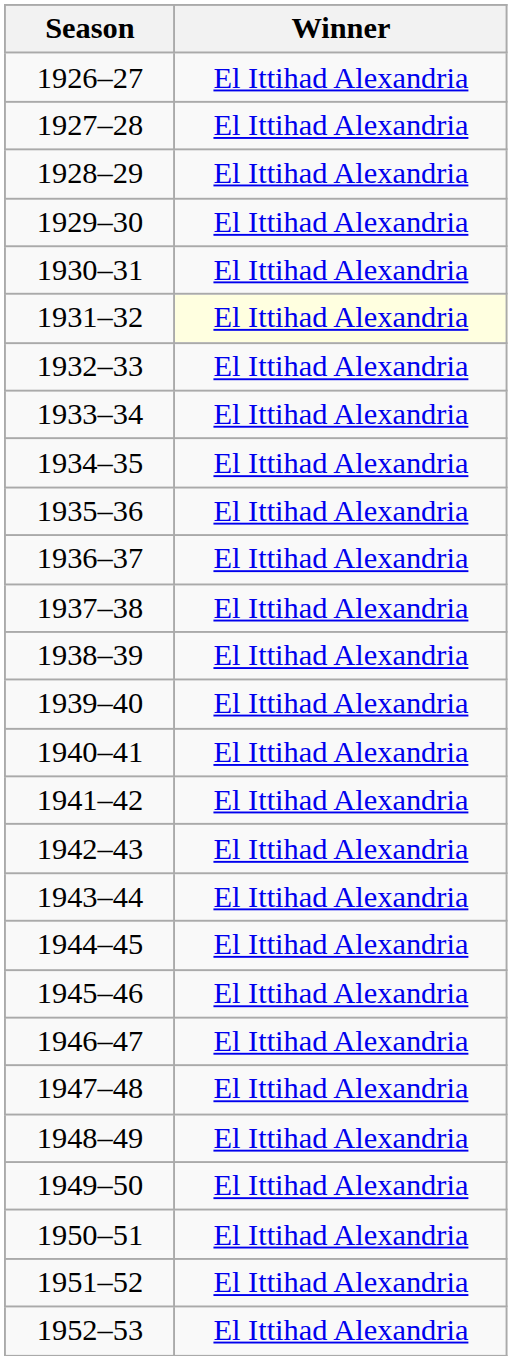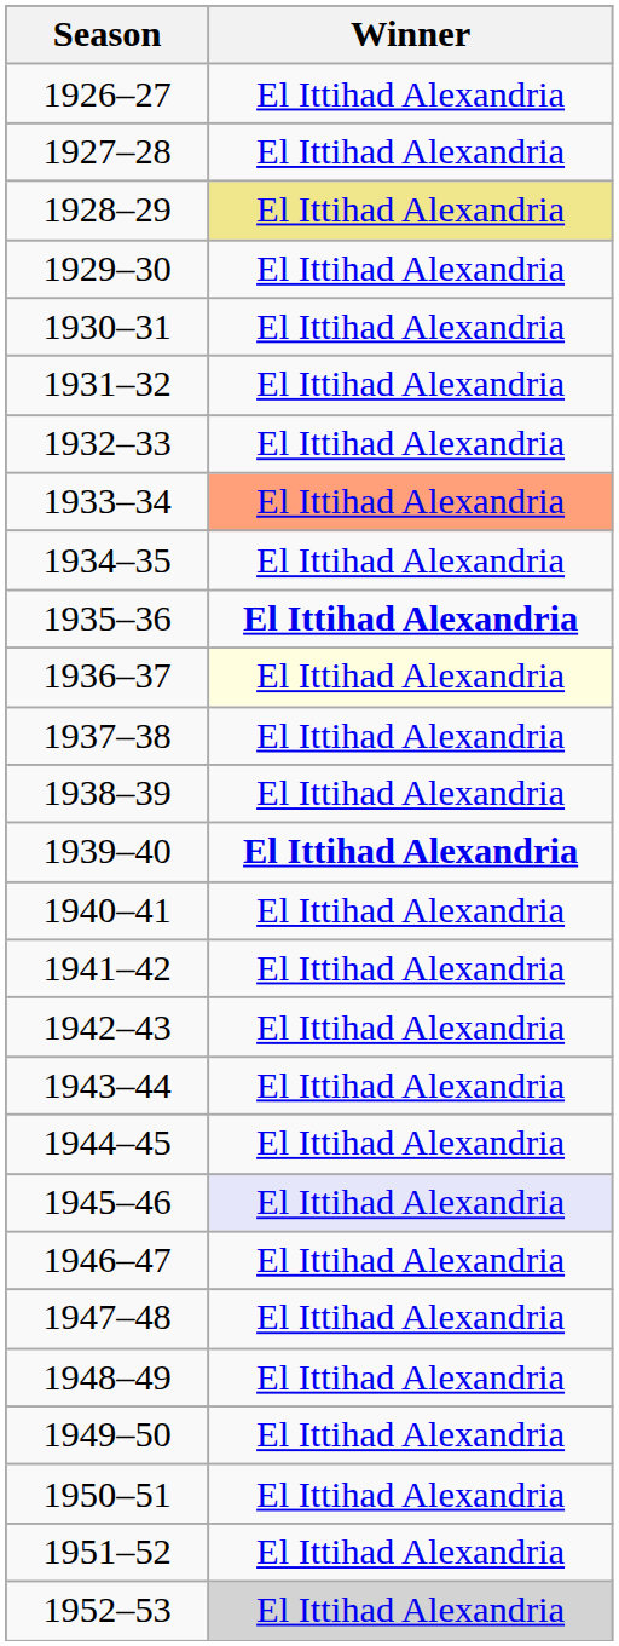 <table class="wikitable" style="text-align:center;" width=30%>
 <tr>
 <th style="width:8%;">Season</th>
 <th style="width:22%;">Winner</th>
 </tr>
 <tr>
 <td>1926–27</td>
 <td><a href='#'>El Ittihad Alexandria</a></td>
 </tr>
 <tr>
 <td>1927–28</td>
 <td><a href='#'>El Ittihad Alexandria</a></td>
 </tr>
 <tr>
 <td>1928–29</td>
-<td><a href='#'>El Ittihad Alexandria</a></td>
+<td style="background: khaki;"><a href='#'>El Ittihad Alexandria</a></td>
 </tr>
 <tr>
 <td>1929–30</td>
 <td><a href='#'>El Ittihad Alexandria</a></td>
 </tr>
 <tr>
 <td>1930–31</td>
 <td><a href='#'>El Ittihad Alexandria</a></td>
 </tr>
 <tr>
 <td>1931–32</td>
-<td style="background: lightyellow;"><a href='#'>El Ittihad Alexandria</a></td>
+<td><a href='#'>El Ittihad Alexandria</a></td>
 </tr>
 <tr>
 <td>1932–33</td>
 <td><a href='#'>El Ittihad Alexandria</a></td>
 </tr>
 <tr>
 <td>1933–34</td>
-<td><a href='#'>El Ittihad Alexandria</a></td>
+<td style="background: lightsalmon;"><a href='#'>El Ittihad Alexandria</a></td>
 </tr>
 <tr>
 <td>1934–35</td>
 <td><a href='#'>El Ittihad Alexandria</a></td>
 </tr>
 <tr>
 <td>1935–36</td>
-<td><a href='#'>El Ittihad Alexandria</a></td>
+<td><strong><a href='#'>El Ittihad Alexandria</a></strong></td>
 </tr>
 <tr>
 <td>1936–37</td>
-<td><a href='#'>El Ittihad Alexandria</a></td>
+<td style="background: lightyellow;"><a href='#'>El Ittihad Alexandria</a></td>
 </tr>
 <tr>
 <td>1937–38</td>
 <td><a href='#'>El Ittihad Alexandria</a></td>
 </tr>
 <tr>
 <td>1938–39</td>
 <td><a href='#'>El Ittihad Alexandria</a></td>
 </tr>
 <tr>
 <td>1939–40</td>
-<td><a href='#'>El Ittihad Alexandria</a></td>
+<td><strong><a href='#'>El Ittihad Alexandria</a></strong></td>
 </tr>
 <tr>
 <td>1940–41</td>
 <td><a href='#'>El Ittihad Alexandria</a></td>
 </tr>
 <tr>
 <td>1941–42</td>
 <td><a href='#'>El Ittihad Alexandria</a></td>
 </tr>
 <tr>
 <td>1942–43</td>
 <td><a href='#'>El Ittihad Alexandria</a></td>
 </tr>
 <tr>
 <td>1943–44</td>
 <td><a href='#'>El Ittihad Alexandria</a></td>
 </tr>
 <tr>
 <td>1944–45</td>
 <td><a href='#'>El Ittihad Alexandria</a></td>
 </tr>
 <tr>
 <td>1945–46</td>
-<td><a href='#'>El Ittihad Alexandria</a></td>
+<td style="background: lavender;"><a href='#'>El Ittihad Alexandria</a></td>
 </tr>
 <tr>
 <td>1946–47</td>
 <td><a href='#'>El Ittihad Alexandria</a></td>
 </tr>
 <tr>
 <td>1947–48</td>
 <td><a href='#'>El Ittihad Alexandria</a></td>
 </tr>
 <tr>
 <td>1948–49</td>
 <td><a href='#'>El Ittihad Alexandria</a></td>
 </tr>
 <tr>
 <td>1949–50</td>
 <td><a href='#'>El Ittihad Alexandria</a></td>
 </tr>
 <tr>
 <td>1950–51</td>
 <td><a href='#'>El Ittihad Alexandria</a></td>
 </tr>
 <tr>
 <td>1951–52</td>
 <td><a href='#'>El Ittihad Alexandria</a></td>
 </tr>
 <tr>
 <td>1952–53</td>
-<td><a href='#'>El Ittihad Alexandria</a></td>
+<td style="background: lightgrey;"><a href='#'>El Ittihad Alexandria</a></td>
 </tr>
 </table>
